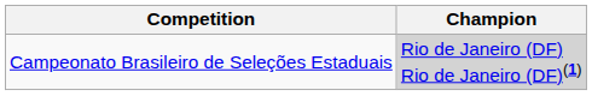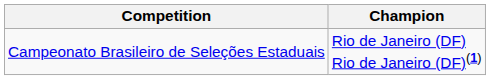 <table class="wikitable">
 <tr>
 <th>Competition</th>
 <th>Champion</th>
 </tr>
 <tr>
 <td><a href='#'>Campeonato Brasileiro de Seleções Estaduais</a></td>
-<td style="background: lightgrey;"><a href='#'>Rio de Janeiro (DF)</a><br><a href='#'>Rio de Janeiro (DF)</a><sup>(<strong><a href='#'>1</a></strong>)</sup></td>
+<td><a href='#'>Rio de Janeiro (DF)</a><br><a href='#'>Rio de Janeiro (DF)</a><sup>(<strong><a href='#'>1</a></strong>)</sup></td>
 </tr>
 </table>
